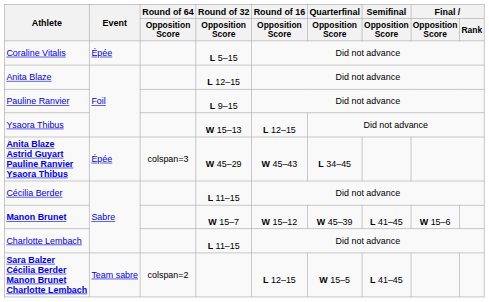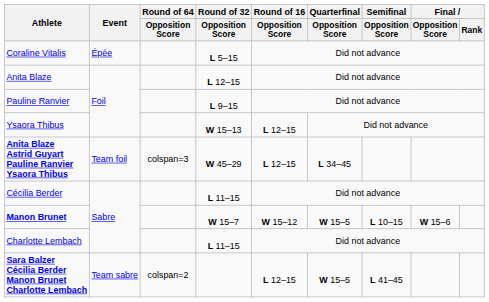 <table class="wikitable" style="font-size:90%">
 <tr>
 <th rowspan="2">Athlete</th>
 <th rowspan="2">Event</th>
 <th>Round of 64</th>
 <th>Round of 32</th>
 <th>Round of 16</th>
 <th>Quarterfinal</th>
 <th>Semifinal</th>
 <th colspan=2>Final / </th>
 </tr>
 <tr style="font-size:95%">
 <th>Opposition <br> Score</th>
 <th>Opposition <br> Score</th>
 <th>Opposition <br> Score</th>
 <th>Opposition <br> Score</th>
 <th>Opposition <br> Score</th>
 <th>Opposition <br> Score</th>
 <th>Rank</th>
 </tr>
 <tr align=center>
 <td align=left><a href='#'>Coraline Vitalis</a></td>
 <td align=left><a href='#'>Épée</a></td>
 <td></td>
 <td><br><strong>L</strong> 5–15</td>
 <td colspan=5>Did not advance</td>
 </tr>
 <tr align=center>
 <td align=left><a href='#'>Anita Blaze</a></td>
 <td align=left rowspan=3><a href='#'>Foil</a></td>
 <td></td>
 <td><br><strong>L</strong> 12–15</td>
 <td colspan=5>Did not advance</td>
 </tr>
 <tr align=center>
 <td align=left><a href='#'>Pauline Ranvier</a></td>
 <td></td>
 <td><br><strong>L</strong> 9–15</td>
 <td colspan=5>Did not advance</td>
 </tr>
 <tr align=center>
 <td align=left><a href='#'>Ysaora Thibus</a></td>
 <td></td>
 <td><br><strong>W</strong> 15–13</td>
 <td><br><strong>L</strong> 12–15</td>
 <td colspan=4>Did not advance</td>
 </tr>
 <tr align=center>
 <td align=left><strong><a href='#'>Anita Blaze</a><br><a href='#'>Astrid Guyart</a><br><a href='#'>Pauline Ranvier</a><br><a href='#'>Ysaora Thibus</a></strong></td>
-<td align=left><a href='#'>Épée</a></td>
+<td align=left><a href='#'>Team foil</a></td>
 <td>colspan=3 </td>
 <td><br><strong>W</strong> 45–29</td>
-<td><br><strong>W</strong> 45–43</td>
+<td><br><strong>L</strong> 12–15</td>
 <td><br><strong>L</strong> 34–45</td>
 <td></td>
 </tr>
 <tr align=center>
 <td align=left><a href='#'>Cécilia Berder</a></td>
 <td align=left rowspan=3><a href='#'>Sabre</a></td>
 <td></td>
 <td><br><strong>L</strong> 11–15</td>
 <td colspan=5>Did not advance</td>
 </tr>
 <tr align=center>
 <td align=left><strong><a href='#'>Manon Brunet</a></strong></td>
 <td></td>
 <td><br><strong>W</strong> 15–7</td>
 <td><br><strong>W</strong> 15–12</td>
-<td><br><strong>W</strong> 45–39</td>
-<td><br><strong>L</strong> 41–45</td>
+<td><br><strong>W</strong> 15–5</td>
+<td><br><strong>L</strong> 10–15</td>
 <td><br><strong>W</strong> 15–6</td>
 <td></td>
 </tr>
 <tr align=center>
 <td align=left><a href='#'>Charlotte Lembach</a></td>
 <td></td>
 <td><br><strong>L</strong> 11–15</td>
 <td colspan=5>Did not advance</td>
 </tr>
 <tr align=center>
 <td align=left><strong><a href='#'>Sara Balzer</a><br><a href='#'>Cécilia Berder</a><br><a href='#'>Manon Brunet</a><br><a href='#'>Charlotte Lembach</a></strong></td>
 <td align=left><a href='#'>Team sabre</a></td>
 <td>colspan=2 </td>
 <td></td>
 <td><br><strong>L</strong> 12–15</td>
 <td><br><strong>W</strong> 15–5</td>
 <td><br><strong>L</strong> 41–45</td>
 <td></td>
 </tr>
 </table>
